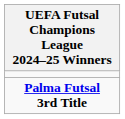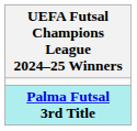 <table class="wikitable" style="text-align: center; margin: 0 auto; width: 22%">
 <tr>
 <th>UEFA Futsal Champions League <br>2024–25 Winners</th>
 </tr>
 <tr>
 <td></td>
 </tr>
 <tr>
-<td><strong><a href='#'>Palma Futsal</a> </strong><br><strong>3rd Title</strong></td>
+<td style="background: paleturquoise;"><strong><a href='#'>Palma Futsal</a> </strong><br><strong>3rd Title</strong></td>
 </tr>
 </table>
